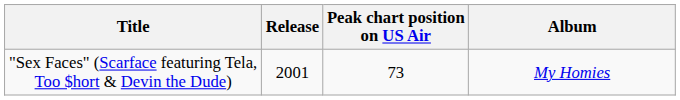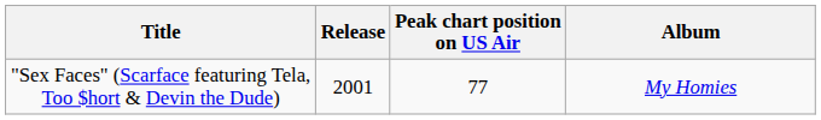 <table class="wikitable plainrowheaders" style="text-align:center;">
 <tr>
 <th scope="col" rowspan="1" style="width:15em;">Title</th>
 <th scope="col" rowspan="1" style="width:0.5em;">Release</th>
 <th scope="col" rowspan="1">Peak chart position<br>on <a href='#'>US Air</a></th>
 <th scope="col" rowspan="1" style="width:12em;">Album</th>
 </tr>
 <tr>
 <td>"Sex Faces" <span>(<a href='#'>Scarface</a> featuring Tela, <a href='#'>Too $hort</a> & <a href='#'>Devin the Dude</a>)</span></td>
 <td>2001</td>
-<td>73</td>
+<td>77</td>
 <td><em><a href='#'>My Homies</a></em></td>
 </tr>
 </table>
